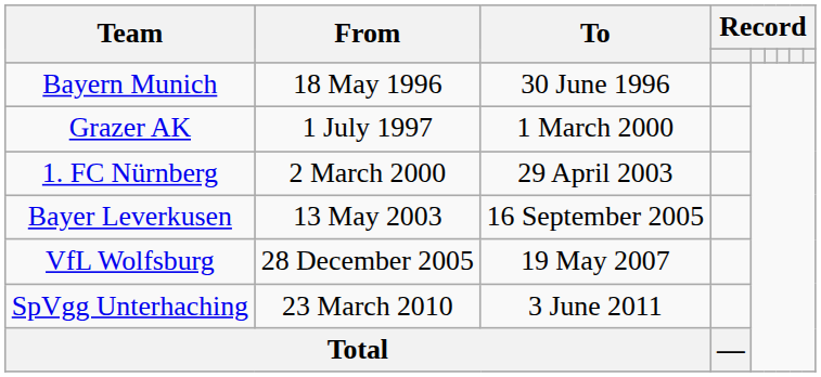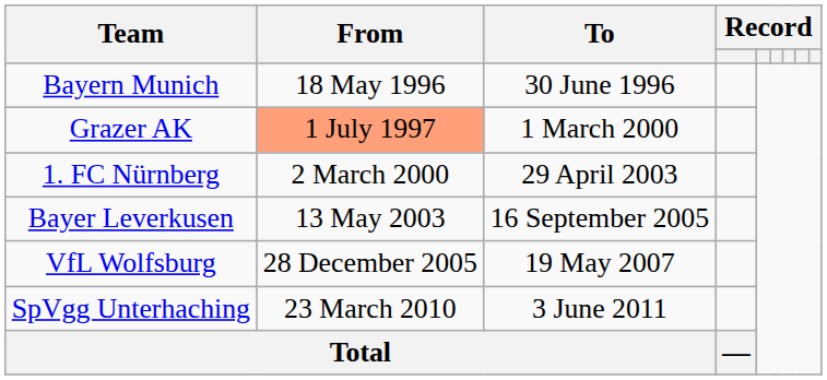 <table class="wikitable" style="text-align: center">
 <tr>
 <th rowspan="2">Team</th>
 <th rowspan="2">From</th>
 <th rowspan="2">To</th>
 <th colspan="6">Record</th>
 </tr>
 <tr>
 <th></th>
 <th></th>
 <th></th>
 <th></th>
 <th></th>
 <th></th>
 </tr>
 <tr>
 <td><a href='#'>Bayern Munich</a></td>
 <td>18 May 1996</td>
 <td>30 June 1996<br></td>
 <td></td>
 </tr>
 <tr>
 <td><a href='#'>Grazer AK</a></td>
-<td>1 July 1997</td>
+<td style="background: lightsalmon;">1 July 1997</td>
 <td>1 March 2000<br></td>
 <td><br></td>
 </tr>
 <tr>
 <td><a href='#'>1. FC Nürnberg</a></td>
 <td>2 March 2000</td>
 <td>29 April 2003<br></td>
 <td></td>
 </tr>
 <tr>
 <td><a href='#'>Bayer Leverkusen</a></td>
 <td>13 May 2003</td>
 <td>16 September 2005<br></td>
 <td></td>
 </tr>
 <tr>
 <td><a href='#'>VfL Wolfsburg</a></td>
 <td>28 December 2005</td>
 <td>19 May 2007<br></td>
 <td></td>
 </tr>
 <tr>
 <td><a href='#'>SpVgg Unterhaching</a></td>
 <td>23 March 2010</td>
 <td>3 June 2011<br></td>
 <td></td>
 </tr>
 <tr>
 <th colspan="3">Total<br></th>
 <th>—</th>
 </tr>
 </table>
